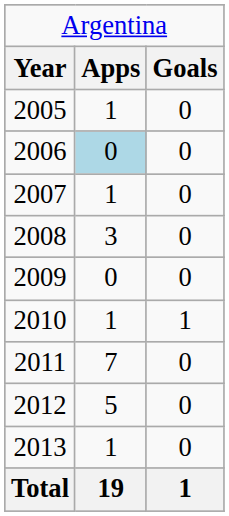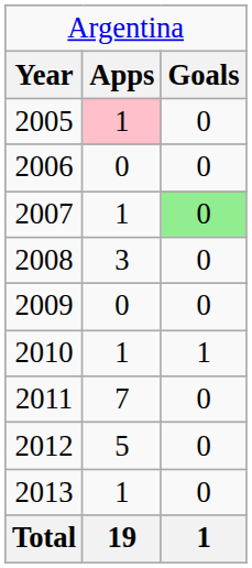 <table class="wikitable" style="text-align:center">
 <tr>
 <td colspan=3><a href='#'>Argentina</a></td>
 </tr>
 <tr>
 <th>Year</th>
 <th>Apps</th>
 <th>Goals</th>
 </tr>
 <tr>
 <td>2005</td>
-<td>1</td>
+<td style="background: pink;">1</td>
 <td>0</td>
 </tr>
 <tr>
 <td>2006</td>
-<td style="background: lightblue;">0</td>
+<td>0</td>
 <td>0</td>
 </tr>
 <tr>
 <td>2007</td>
 <td>1</td>
-<td>0</td>
+<td style="background: lightgreen;">0</td>
 </tr>
 <tr>
 <td>2008</td>
 <td>3</td>
 <td>0</td>
 </tr>
 <tr>
 <td>2009</td>
 <td>0</td>
 <td>0</td>
 </tr>
 <tr>
 <td>2010</td>
 <td>1</td>
 <td>1</td>
 </tr>
 <tr>
 <td>2011</td>
 <td>7</td>
 <td>0</td>
 </tr>
 <tr>
 <td>2012</td>
 <td>5</td>
 <td>0</td>
 </tr>
 <tr>
 <td>2013</td>
 <td>1</td>
 <td>0</td>
 </tr>
 <tr>
 <th>Total</th>
 <th>19</th>
 <th>1</th>
 </tr>
 </table>
